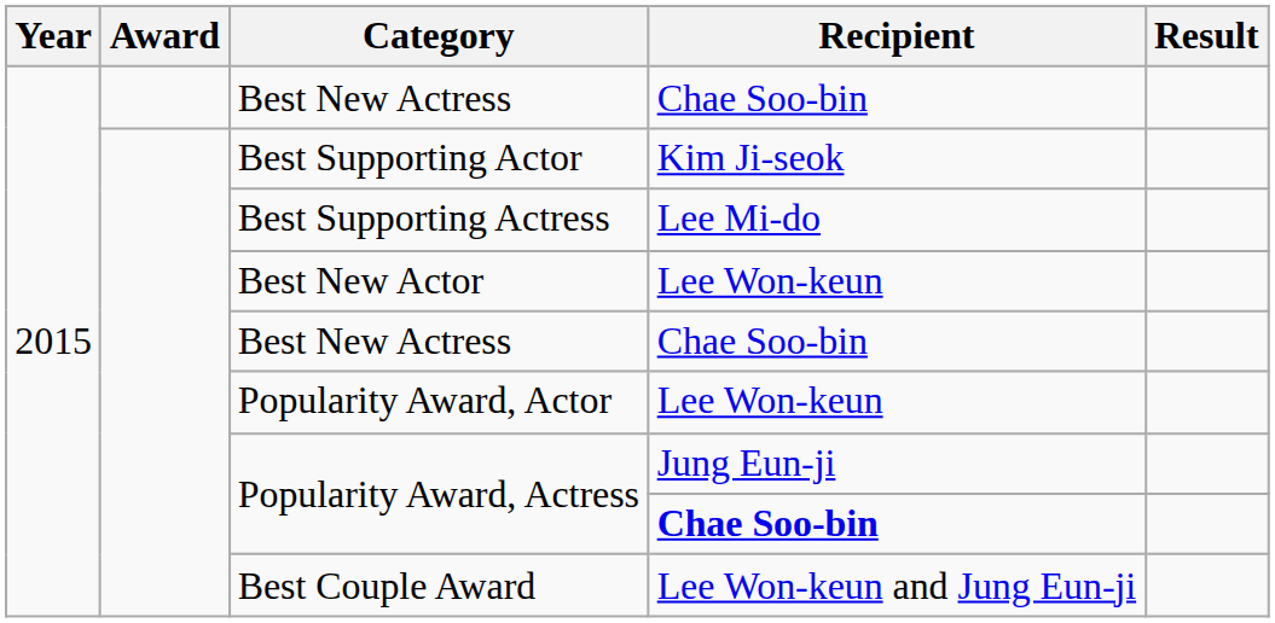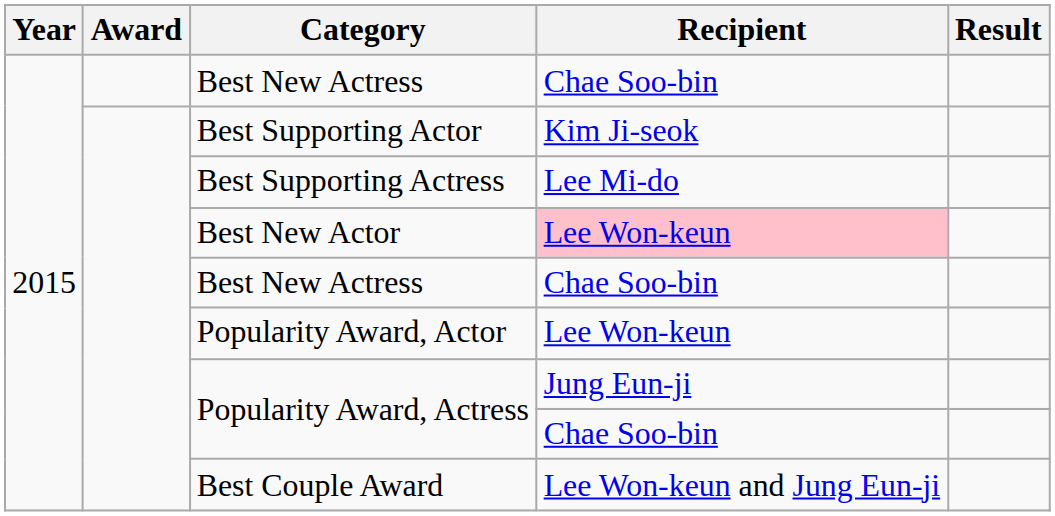 <table class="wikitable">
 <tr>
 <th>Year</th>
 <th>Award</th>
 <th>Category</th>
 <th>Recipient</th>
 <th>Result</th>
 </tr>
 <tr>
 <td rowspan="9">2015</td>
 <td></td>
 <td>Best New Actress</td>
 <td><a href='#'>Chae Soo-bin</a></td>
 <td></td>
 </tr>
 <tr>
 <td rowspan="8"></td>
 <td>Best Supporting Actor</td>
 <td><a href='#'>Kim Ji-seok</a></td>
 <td></td>
 </tr>
 <tr>
 <td>Best Supporting Actress</td>
 <td><a href='#'>Lee Mi-do</a></td>
 <td></td>
 </tr>
 <tr>
 <td>Best New Actor</td>
-<td><a href='#'>Lee Won-keun</a></td>
+<td style="background: pink;"><a href='#'>Lee Won-keun</a></td>
 <td></td>
 </tr>
 <tr>
 <td>Best New Actress</td>
 <td><a href='#'>Chae Soo-bin</a></td>
 <td></td>
 </tr>
 <tr>
 <td>Popularity Award, Actor</td>
 <td><a href='#'>Lee Won-keun</a></td>
 <td></td>
 </tr>
 <tr>
 <td rowspan="2">Popularity Award, Actress</td>
 <td><a href='#'>Jung Eun-ji</a></td>
 <td></td>
 </tr>
 <tr>
-<td><strong><a href='#'>Chae Soo-bin</a></strong></td>
+<td><a href='#'>Chae Soo-bin</a></td>
 <td></td>
 </tr>
 <tr>
 <td>Best Couple Award</td>
 <td><a href='#'>Lee Won-keun</a> and <a href='#'>Jung Eun-ji</a></td>
 <td></td>
 </tr>
 </table>
